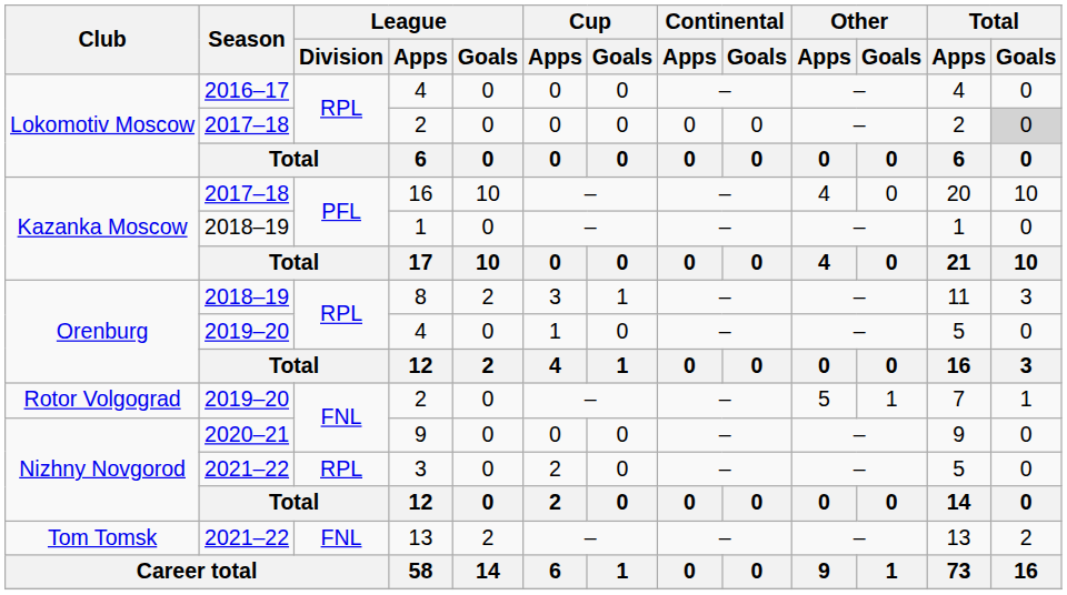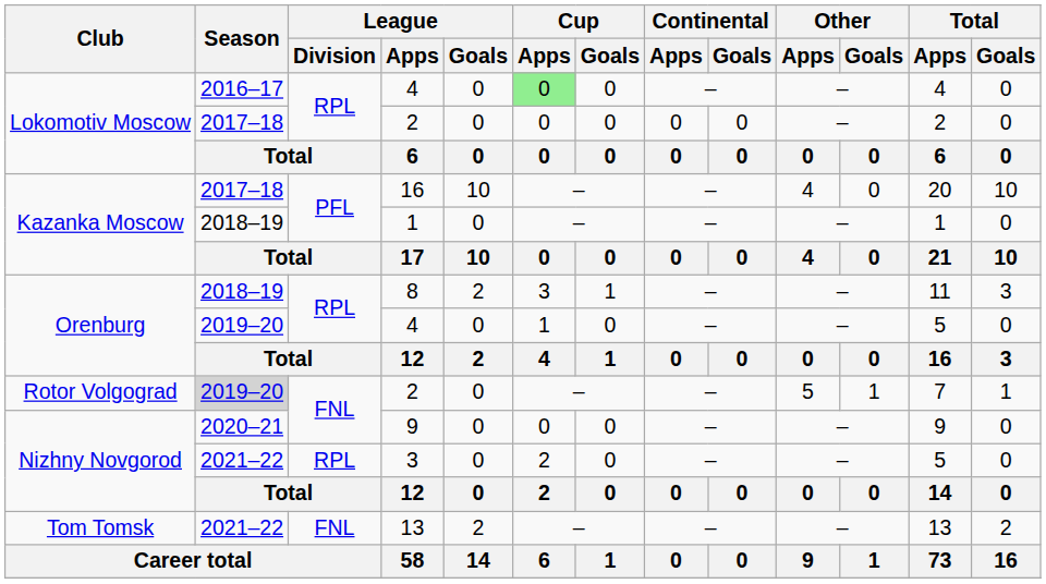 <table class="wikitable" style="text-align: center;">
 <tr>
 <th rowspan=2>Club</th>
 <th rowspan=2>Season</th>
 <th colspan=3>League</th>
 <th colspan=2>Cup</th>
 <th colspan=2>Continental</th>
 <th colspan=2>Other</th>
 <th colspan=2>Total</th>
 </tr>
 <tr>
 <th>Division</th>
 <th>Apps</th>
 <th>Goals</th>
 <th>Apps</th>
 <th>Goals</th>
 <th>Apps</th>
 <th>Goals</th>
 <th>Apps</th>
 <th>Goals</th>
 <th>Apps</th>
 <th>Goals</th>
 </tr>
 <tr>
 <td rowspan=3><a href='#'>Lokomotiv Moscow</a></td>
 <td><a href='#'>2016–17</a></td>
 <td rowspan=2><a href='#'>RPL</a></td>
 <td>4</td>
 <td>0</td>
-<td>0</td>
+<td style="background: lightgreen;">0</td>
 <td>0</td>
 <td colspan=2>–</td>
 <td colspan=2>–</td>
 <td>4</td>
 <td>0</td>
 </tr>
 <tr>
 <td><a href='#'>2017–18</a></td>
 <td>2</td>
 <td>0</td>
 <td>0</td>
 <td>0</td>
 <td>0</td>
 <td>0</td>
 <td colspan=2>–</td>
 <td>2</td>
-<td style="background: lightgrey;">0</td>
+<td>0</td>
 </tr>
 <tr>
 <th colspan=2>Total</th>
 <th>6</th>
 <th>0</th>
 <th>0</th>
 <th>0</th>
 <th>0</th>
 <th>0</th>
 <th>0</th>
 <th>0</th>
 <th>6</th>
 <th>0</th>
 </tr>
 <tr>
 <td rowspan="3"><a href='#'>Kazanka Moscow</a></td>
 <td><a href='#'>2017–18</a></td>
 <td rowspan="2"><a href='#'>PFL</a></td>
 <td>16</td>
 <td>10</td>
 <td colspan=2>–</td>
 <td colspan=2>–</td>
 <td>4</td>
 <td>0</td>
 <td>20</td>
 <td>10</td>
 </tr>
 <tr>
 <td>2018–19</td>
 <td>1</td>
 <td>0</td>
 <td colspan=2>–</td>
 <td colspan=2>–</td>
 <td colspan=2>–</td>
 <td>1</td>
 <td>0</td>
 </tr>
 <tr>
 <th colspan=2>Total</th>
 <th>17</th>
 <th>10</th>
 <th>0</th>
 <th>0</th>
 <th>0</th>
 <th>0</th>
 <th>4</th>
 <th>0</th>
 <th>21</th>
 <th>10</th>
 </tr>
 <tr>
 <td rowspan="3"><a href='#'>Orenburg</a></td>
 <td><a href='#'>2018–19</a></td>
 <td rowspan="2"><a href='#'>RPL</a></td>
 <td>8</td>
 <td>2</td>
 <td>3</td>
 <td>1</td>
 <td colspan=2>–</td>
 <td colspan=2>–</td>
 <td>11</td>
 <td>3</td>
 </tr>
 <tr>
 <td><a href='#'>2019–20</a></td>
 <td>4</td>
 <td>0</td>
 <td>1</td>
 <td>0</td>
 <td colspan=2>–</td>
 <td colspan=2>–</td>
 <td>5</td>
 <td>0</td>
 </tr>
 <tr>
 <th colspan=2>Total</th>
 <th>12</th>
 <th>2</th>
 <th>4</th>
 <th>1</th>
 <th>0</th>
 <th>0</th>
 <th>0</th>
 <th>0</th>
 <th>16</th>
 <th>3</th>
 </tr>
 <tr>
 <td><a href='#'>Rotor Volgograd</a></td>
-<td><a href='#'>2019–20</a></td>
+<td style="background: lightgrey;"><a href='#'>2019–20</a></td>
 <td rowspan="2"><a href='#'>FNL</a></td>
 <td>2</td>
 <td>0</td>
 <td colspan=2>–</td>
 <td colspan=2>–</td>
 <td>5</td>
 <td>1</td>
 <td>7</td>
 <td>1</td>
 </tr>
 <tr>
 <td rowspan="3"><a href='#'>Nizhny Novgorod</a></td>
 <td><a href='#'>2020–21</a></td>
 <td>9</td>
 <td>0</td>
 <td>0</td>
 <td>0</td>
 <td colspan=2>–</td>
 <td colspan=2>–</td>
 <td>9</td>
 <td>0</td>
 </tr>
 <tr>
 <td><a href='#'>2021–22</a></td>
 <td><a href='#'>RPL</a></td>
 <td>3</td>
 <td>0</td>
 <td>2</td>
 <td>0</td>
 <td colspan=2>–</td>
 <td colspan=2>–</td>
 <td>5</td>
 <td>0</td>
 </tr>
 <tr>
 <th colspan=2>Total</th>
 <th>12</th>
 <th>0</th>
 <th>2</th>
 <th>0</th>
 <th>0</th>
 <th>0</th>
 <th>0</th>
 <th>0</th>
 <th>14</th>
 <th>0</th>
 </tr>
 <tr>
 <td><a href='#'>Tom Tomsk</a></td>
 <td><a href='#'>2021–22</a></td>
 <td><a href='#'>FNL</a></td>
 <td>13</td>
 <td>2</td>
 <td colspan=2>–</td>
 <td colspan=2>–</td>
 <td colspan=2>–</td>
 <td>13</td>
 <td>2</td>
 </tr>
 <tr>
 <th colspan=3>Career total</th>
 <th>58</th>
 <th>14</th>
 <th>6</th>
 <th>1</th>
 <th>0</th>
 <th>0</th>
 <th>9</th>
 <th>1</th>
 <th>73</th>
 <th>16</th>
 </tr>
 <tr>
 </tr>
 </table>
